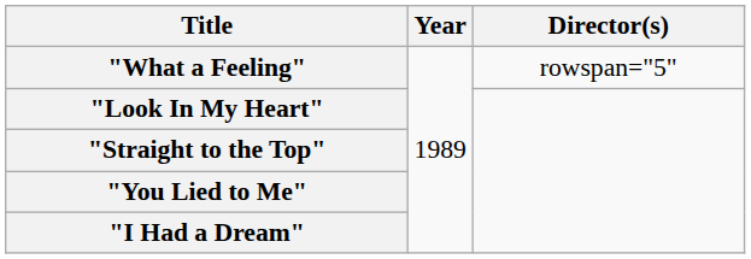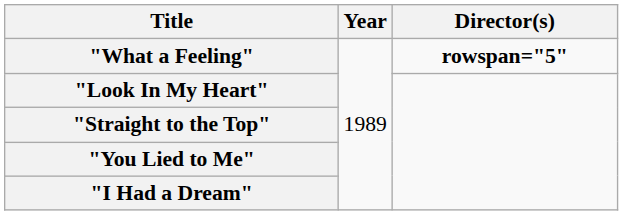 <table class="wikitable plainrowheaders" style="text-align:center;">
 <tr>
 <th scope="col" style="width:15em;">Title</th>
 <th scope="col" style="width:2em;">Year</th>
 <th scope="col" style="width:10em;">Director(s)</th>
 </tr>
 <tr>
 <th scope="row">"What a Feeling"</th>
 <td rowspan="5">1989</td>
-<td>rowspan="5" </td>
+<td><strong>rowspan="5" </strong></td>
 </tr>
 <tr>
 <th scope="row">"Look In My Heart"</th>
 </tr>
 <tr>
 <th scope="row">"Straight to the Top"</th>
 </tr>
 <tr>
 <th scope="row">"You Lied to Me"</th>
 </tr>
 <tr>
 <th scope="row">"I Had a Dream"</th>
 </tr>
 </table>
